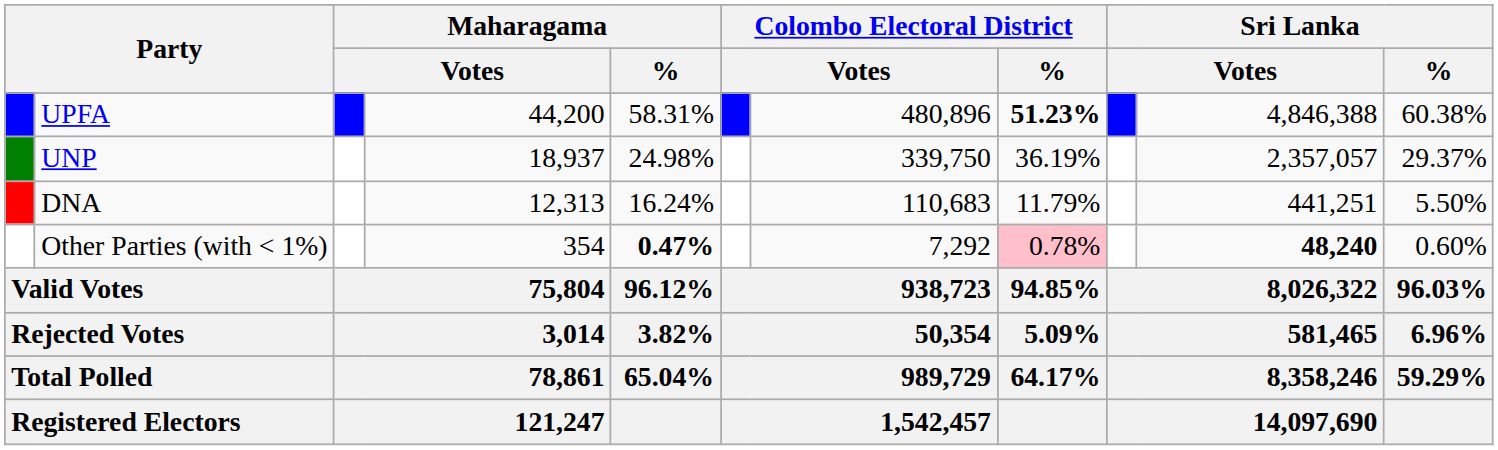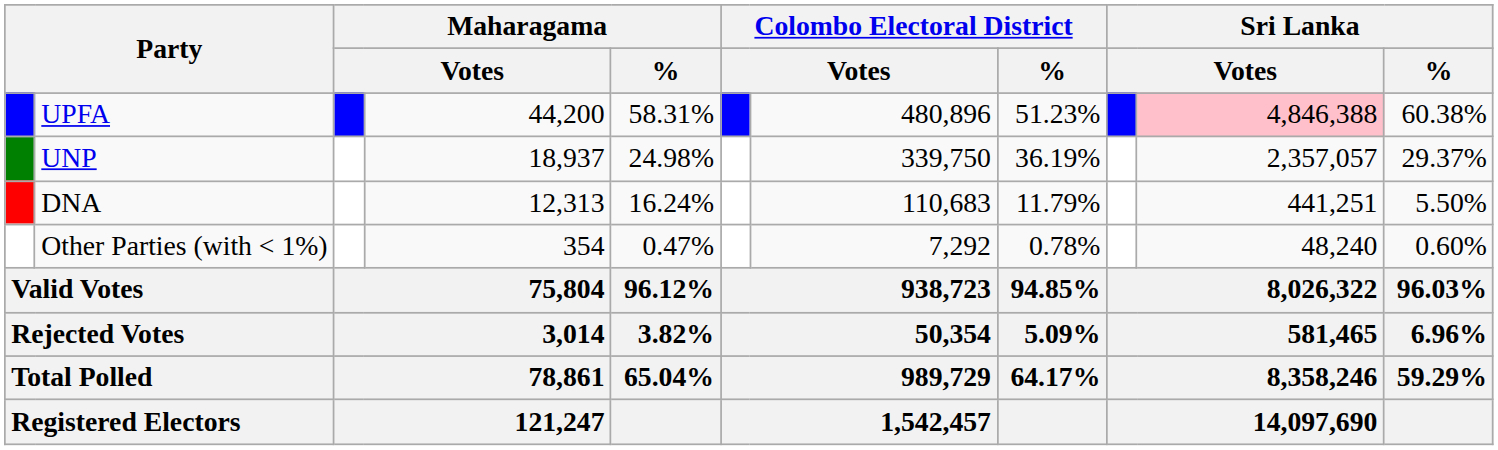 <table class="wikitable">
 <tr>
 <th colspan="2" width="144px"rowspan="2">Party</th>
 <th colspan="3" width="216px">Maharagama</th>
 <th colspan="3" width="216px"><a href='#'>Colombo Electoral District</a></th>
 <th colspan="3" width="216px">Sri Lanka</th>
 </tr>
 <tr>
 <th colspan="2" width="144px">Votes</th>
 <th>%</th>
 <th colspan="2" width="144px">Votes</th>
 <th>%</th>
 <th colspan="2" width="144px">Votes</th>
 <th>%</th>
 </tr>
 <tr>
 <td style="background-color:blue;" width="10px"></td>
 <td style="text-align:left;"><a href='#'>UPFA</a></td>
 <td style="background-color:blue;" width="10px"></td>
 <td style="text-align:right;">44,200</td>
 <td style="text-align:right;">58.31%</td>
 <td style="background-color:blue;" width="10px"></td>
 <td style="text-align:right;">480,896</td>
-<td style="text-align:right;"><strong>51.23%</strong></td>
+<td style="text-align:right;">51.23%</td>
 <td style="background-color:blue;" width="10px"></td>
-<td style="text-align:right;">4,846,388</td>
+<td style="background: pink; text-align:right;">4,846,388</td>
 <td style="text-align:right;">60.38%</td>
 </tr>
 <tr>
 <td style="background-color:green;" width="10px"></td>
 <td style="text-align:left;"><a href='#'>UNP</a></td>
 <td style="background-color:white;" width="10px"></td>
 <td style="text-align:right;">18,937</td>
 <td style="text-align:right;">24.98%</td>
 <td style="background-color:white;" width="10px"></td>
 <td style="text-align:right;">339,750</td>
 <td style="text-align:right;">36.19%</td>
 <td style="background-color:white;" width="10px"></td>
 <td style="text-align:right;">2,357,057</td>
 <td style="text-align:right;">29.37%</td>
 </tr>
 <tr>
 <td style="background-color:red;" width="10px"></td>
 <td style="text-align:left;">DNA</td>
 <td style="background-color:white;" width="10px"></td>
 <td style="text-align:right;">12,313</td>
 <td style="text-align:right;">16.24%</td>
 <td style="background-color:white;" width="10px"></td>
 <td style="text-align:right;">110,683</td>
 <td style="text-align:right;">11.79%</td>
 <td style="background-color:white;" width="10px"></td>
 <td style="text-align:right;">441,251</td>
 <td style="text-align:right;">5.50%</td>
 </tr>
 <tr>
 <td style="background-color:white;" width="10px"></td>
 <td style="text-align:left;">Other Parties (with < 1%)</td>
 <td style="background-color:white;" width="10px"></td>
 <td style="text-align:right;">354</td>
-<td style="text-align:right;"><strong>0.47%</strong></td>
+<td style="text-align:right;">0.47%</td>
 <td style="background-color:white;" width="10px"></td>
 <td style="text-align:right;">7,292</td>
-<td style="background: pink; text-align:right;">0.78%</td>
+<td style="text-align:right;">0.78%</td>
 <td style="background-color:white;" width="10px"></td>
-<td style="text-align:right;"><strong>48,240</strong></td>
+<td style="text-align:right;">48,240</td>
 <td style="text-align:right;">0.60%</td>
 </tr>
 <tr>
 <th colspan="2" width="144px"style="text-align:left;">Valid Votes</th>
 <th style="text-align:right;"colspan="2" width="144px">75,804</th>
 <th style="text-align:right;">96.12%</th>
 <th style="text-align:right;"colspan="2" width="144px">938,723</th>
 <th style="text-align:right;">94.85%</th>
 <th style="text-align:right;"colspan="2" width="144px">8,026,322</th>
 <th style="text-align:right;">96.03%</th>
 </tr>
 <tr>
 <th colspan="2" width="144px"style="text-align:left;">Rejected Votes</th>
 <th style="text-align:right;"colspan="2" width="144px">3,014</th>
 <th style="text-align:right;">3.82%</th>
 <th style="text-align:right;"colspan="2" width="144px">50,354</th>
 <th style="text-align:right;">5.09%</th>
 <th style="text-align:right;"colspan="2" width="144px">581,465</th>
 <th style="text-align:right;">6.96%</th>
 </tr>
 <tr>
 <th colspan="2" width="144px"style="text-align:left;">Total Polled</th>
 <th style="text-align:right;"colspan="2" width="144px">78,861</th>
 <th style="text-align:right;">65.04%</th>
 <th style="text-align:right;"colspan="2" width="144px">989,729</th>
 <th style="text-align:right;">64.17%</th>
 <th style="text-align:right;"colspan="2" width="144px">8,358,246</th>
 <th style="text-align:right;">59.29%</th>
 </tr>
 <tr>
 <th colspan="2" width="144px"style="text-align:left;">Registered Electors</th>
 <th style="text-align:right;"colspan="2" width="144px">121,247</th>
 <th></th>
 <th style="text-align:right;"colspan="2" width="144px">1,542,457</th>
 <th></th>
 <th style="text-align:right;"colspan="2" width="144px">14,097,690</th>
 <th></th>
 </tr>
 </table>
